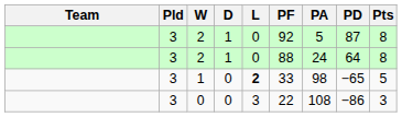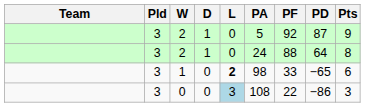 <table class="wikitable" style="text-align:center;">
 <tr>
 <th width=175>Team</th>
 <th width=25 abbr="Played">Pld</th>
 <th width=25 abbr="Won">W</th>
 <th width=25 abbr="Drawn">D</th>
 <th width=25 abbr="Lost">L</th>
+<th width=32 abbr="Points against">PA</th>
 <th width=32 abbr="Points for">PF</th>
-<th width=32 abbr="Points against">PA</th>
 <th width=32 abbr="Points difference">PD</th>
 <th width=25 abbr="Points">Pts</th>
 </tr>
 <tr bgcolor="#ccffcc">
 <td align=left></td>
 <td>3</td>
 <td>2</td>
 <td>1</td>
 <td>0</td>
+<td>5</td>
 <td>92</td>
-<td>5</td>
 <td>87</td>
-<td>8</td>
+<td>9</td>
 </tr>
 <tr bgcolor="#ccffcc">
 <td align=left></td>
 <td>3</td>
 <td>2</td>
 <td>1</td>
 <td>0</td>
+<td>24</td>
 <td>88</td>
-<td>24</td>
 <td>64</td>
 <td>8</td>
 </tr>
 <tr>
 <td align=left></td>
 <td>3</td>
 <td>1</td>
 <td>0</td>
 <td><strong>2</strong></td>
+<td>98</td>
 <td>33</td>
-<td>98</td>
 <td>−65</td>
-<td>5</td>
+<td>6</td>
 </tr>
 <tr>
 <td align=left></td>
 <td>3</td>
 <td>0</td>
 <td>0</td>
-<td>3</td>
+<td style="background: lightblue;">3</td>
+<td>108</td>
 <td>22</td>
-<td>108</td>
 <td>−86</td>
 <td>3</td>
 </tr>
 </table>
